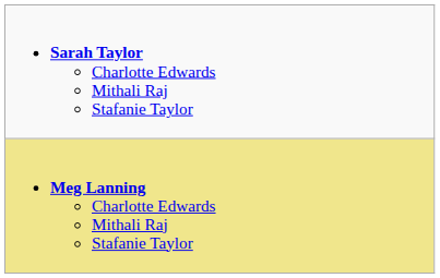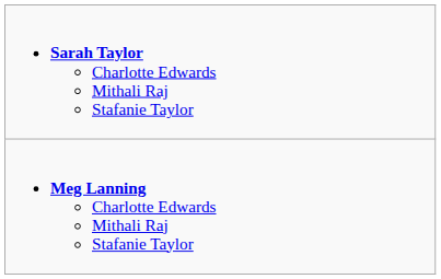 <table class=wikitable>
 <tr>
 <td valign="top" width="50%"><br><ul><li><strong> <a href='#'>Sarah Taylor</a></strong><ul><li> <a href='#'>Charlotte Edwards</a></li><li> <a href='#'>Mithali Raj</a></li><li> <a href='#'>Stafanie Taylor</a></li></ul></li></ul></td>
 </tr>
 <tr>
-<td valign="top" width="50%" style="background: khaki;"><br><ul><li><strong> <a href='#'>Meg Lanning</a></strong><ul><li> <a href='#'>Charlotte Edwards</a></li><li> <a href='#'>Mithali Raj</a></li><li> <a href='#'>Stafanie Taylor</a></li></ul></li></ul></td>
+<td valign="top" width="50%"><br><ul><li><strong> <a href='#'>Meg Lanning</a></strong><ul><li> <a href='#'>Charlotte Edwards</a></li><li> <a href='#'>Mithali Raj</a></li><li> <a href='#'>Stafanie Taylor</a></li></ul></li></ul></td>
 </tr>
 </table>
